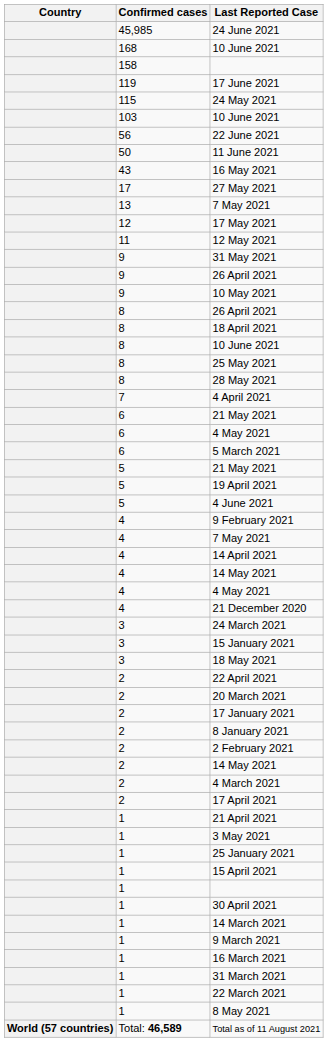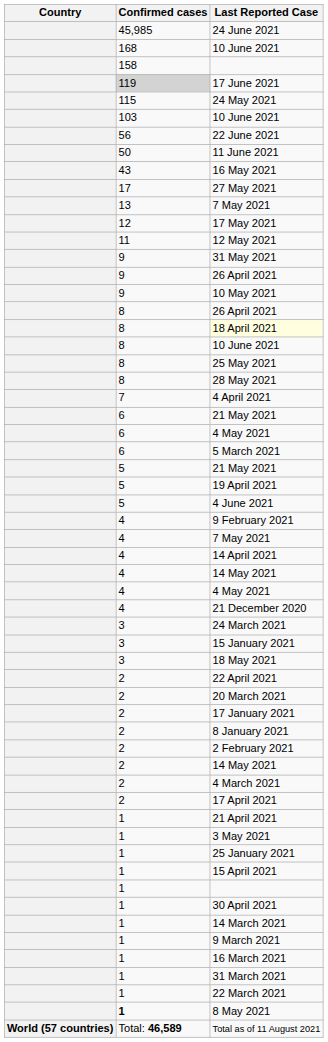 <table class="wikitable sortable plainrowheaders">
 <tr>
 <th scope="col">Country</th>
 <th scope="col">Confirmed cases</th>
 <th scope="col">Last Reported Case</th>
 </tr>
 <tr>
 <th scope="row"></th>
 <td>45,985</td>
 <td>24 June 2021</td>
 </tr>
 <tr>
 <th scope="row"></th>
 <td>168</td>
 <td>10 June 2021</td>
 </tr>
 <tr>
 <th scope="row"></th>
 <td>158</td>
 <td></td>
 </tr>
 <tr>
 <th scope="row"></th>
-<td>119</td>
+<td style="background: lightgrey;">119</td>
 <td>17 June 2021</td>
 </tr>
 <tr>
 <th scope="row"></th>
 <td>115</td>
 <td>24 May 2021</td>
 </tr>
 <tr>
 <th scope="row"></th>
 <td>103</td>
 <td>10 June 2021</td>
 </tr>
 <tr>
 <th scope="row"></th>
 <td>56</td>
 <td>22 June 2021</td>
 </tr>
 <tr>
 <th scope="row"></th>
 <td>50</td>
 <td>11 June 2021</td>
 </tr>
 <tr>
 <th scope="row"></th>
 <td>43</td>
 <td>16 May 2021</td>
 </tr>
 <tr>
 <th scope="row"></th>
 <td>17</td>
 <td>27 May 2021</td>
 </tr>
 <tr>
 <th scope="row"></th>
 <td>13</td>
 <td>7 May 2021</td>
 </tr>
 <tr>
 <th scope="row"></th>
 <td>12</td>
 <td>17 May 2021</td>
 </tr>
 <tr>
 <th scope="row"></th>
 <td>11</td>
 <td>12 May 2021</td>
 </tr>
 <tr>
 <th scope="row"></th>
 <td>9</td>
 <td>31 May 2021</td>
 </tr>
 <tr>
 <th scope="row"></th>
 <td>9</td>
 <td>26 April 2021</td>
 </tr>
 <tr>
 <th scope="row"></th>
 <td>9</td>
 <td>10 May 2021</td>
 </tr>
 <tr>
 <th scope="row"></th>
 <td>8</td>
 <td>26 April 2021</td>
 </tr>
 <tr>
 <th scope="row"></th>
 <td>8</td>
-<td>18 April 2021</td>
+<td style="background: lightyellow;">18 April 2021</td>
 </tr>
 <tr>
 <th scope="row"></th>
 <td>8</td>
 <td>10 June 2021</td>
 </tr>
 <tr>
 <th scope="row"></th>
 <td>8</td>
 <td>25 May 2021</td>
 </tr>
 <tr>
 <th scope="row"></th>
 <td>8</td>
 <td>28 May 2021</td>
 </tr>
 <tr>
 <th scope="row"></th>
 <td>7</td>
 <td>4 April 2021</td>
 </tr>
 <tr>
 <th scope="row"></th>
 <td>6</td>
 <td>21 May 2021</td>
 </tr>
 <tr>
 <th scope="row"></th>
 <td>6</td>
 <td>4 May 2021</td>
 </tr>
 <tr>
 <th scope="row"></th>
 <td>6</td>
 <td>5 March 2021</td>
 </tr>
 <tr>
 <th scope="row"></th>
 <td>5</td>
 <td>21 May 2021</td>
 </tr>
 <tr>
 <th scope="row"></th>
 <td>5</td>
 <td>19 April 2021</td>
 </tr>
 <tr>
 <th scope="row"></th>
 <td>5</td>
 <td>4 June 2021</td>
 </tr>
 <tr>
 <th scope="row"></th>
 <td>4</td>
 <td>9 February 2021</td>
 </tr>
 <tr>
 <th scope="row"></th>
 <td>4</td>
 <td>7 May 2021</td>
 </tr>
 <tr>
 <th scope="row"></th>
 <td>4</td>
 <td>14 April 2021</td>
 </tr>
 <tr>
 <th scope="row"></th>
 <td>4</td>
 <td>14 May 2021</td>
 </tr>
 <tr>
 <th scope="row"></th>
 <td>4</td>
 <td>4 May 2021</td>
 </tr>
 <tr>
 <th scope="row"></th>
 <td>4</td>
 <td>21 December 2020</td>
 </tr>
 <tr>
 <th scope="row"></th>
 <td>3</td>
 <td>24 March 2021</td>
 </tr>
 <tr>
 <th scope="row"></th>
 <td>3</td>
 <td>15 January 2021</td>
 </tr>
 <tr>
 <th scope="row"></th>
 <td>3</td>
 <td>18 May 2021</td>
 </tr>
 <tr>
 <th scope="row"></th>
 <td>2</td>
 <td>22 April 2021</td>
 </tr>
 <tr>
 <th scope="row"></th>
 <td>2</td>
 <td>20 March 2021</td>
 </tr>
 <tr>
 <th scope="row"></th>
 <td>2</td>
 <td>17 January 2021</td>
 </tr>
 <tr>
 <th scope="row"></th>
 <td>2</td>
 <td>8 January 2021</td>
 </tr>
 <tr>
 <th scope="row"></th>
 <td>2</td>
 <td>2 February 2021</td>
 </tr>
 <tr>
 <th scope="row"></th>
 <td>2</td>
 <td>14 May 2021</td>
 </tr>
 <tr>
 <th scope="row"></th>
 <td>2</td>
 <td>4 March 2021</td>
 </tr>
 <tr>
 <th scope="row"></th>
 <td>2</td>
 <td>17 April 2021</td>
 </tr>
 <tr>
 <th scope="row"></th>
 <td>1</td>
 <td>21 April 2021</td>
 </tr>
 <tr>
 <th scope="row"></th>
 <td>1</td>
 <td>3 May 2021</td>
 </tr>
 <tr>
 <th scope="row"></th>
 <td>1</td>
 <td>25 January 2021</td>
 </tr>
 <tr>
 <th scope="row"></th>
 <td>1</td>
 <td>15 April 2021</td>
 </tr>
 <tr>
 <th scope="row"></th>
 <td>1</td>
 <td></td>
 </tr>
 <tr>
 <th scope="row"></th>
 <td>1</td>
 <td>30 April 2021</td>
 </tr>
 <tr>
 <th scope="row"></th>
 <td>1</td>
 <td>14 March 2021</td>
 </tr>
 <tr>
 <th scope="row"></th>
 <td>1</td>
 <td>9 March 2021</td>
 </tr>
 <tr>
 <th scope="row"></th>
 <td>1</td>
 <td>16 March 2021</td>
 </tr>
 <tr>
 <th scope="row"></th>
 <td>1</td>
 <td>31 March 2021</td>
 </tr>
 <tr>
 <th scope="row"></th>
 <td>1</td>
 <td>22 March 2021</td>
 </tr>
 <tr>
 <th scope="row"></th>
-<td>1</td>
+<td><strong>1</strong></td>
 <td>8 May 2021</td>
 </tr>
 <tr class="sortbottom">
 <th scope="row"><strong>World</strong> (57 countries)</th>
 <td>Total: <strong>46,589</strong></td>
 <td><small>Total as of 11 August 2021</small></td>
 </tr>
 </table>
